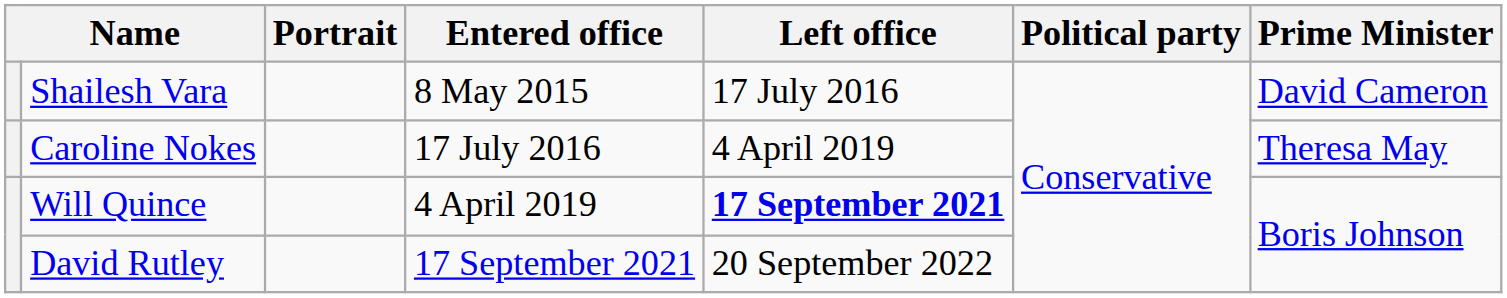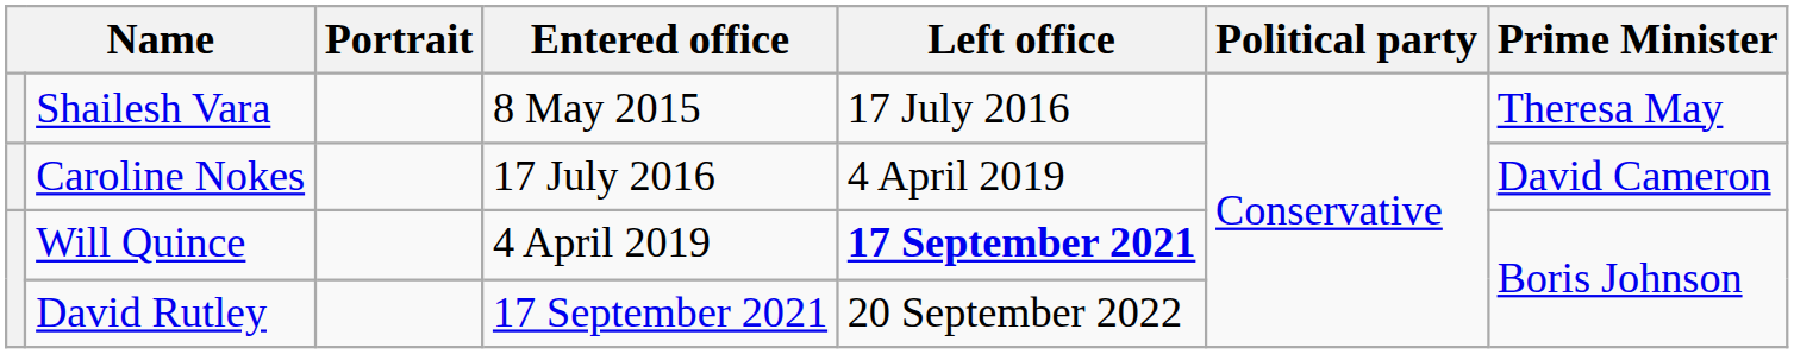 <table class="wikitable">
 <tr>
 <th colspan="2">Name</th>
 <th>Portrait</th>
 <th>Entered office</th>
 <th>Left office</th>
 <th>Political party</th>
 <th>Prime Minister</th>
 </tr>
 <tr>
 <th style="background-color: "></th>
 <td><a href='#'>Shailesh Vara</a></td>
 <td></td>
 <td>8 May 2015</td>
 <td>17 July 2016</td>
 <td rowspan="4"><a href='#'>Conservative</a></td>
-<td><a href='#'>David Cameron</a></td>
+<td><a href='#'>Theresa May</a></td>
 </tr>
 <tr>
 <th style="background-color: "></th>
 <td><a href='#'>Caroline Nokes</a></td>
 <td></td>
 <td>17 July 2016</td>
 <td>4 April 2019</td>
-<td><a href='#'>Theresa May</a></td>
+<td><a href='#'>David Cameron</a></td>
 </tr>
 <tr>
 <th rowspan="2" style="background-color: "></th>
 <td><a href='#'>Will Quince</a></td>
 <td></td>
 <td>4 April 2019</td>
 <td><strong><a href='#'>17 September 2021</a></strong></td>
 <td rowspan="2"><a href='#'>Boris Johnson</a></td>
 </tr>
 <tr>
 <td><a href='#'>David Rutley</a></td>
 <td></td>
 <td><a href='#'>17 September 2021</a></td>
 <td>20 September 2022</td>
 </tr>
 </table>
